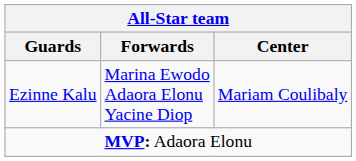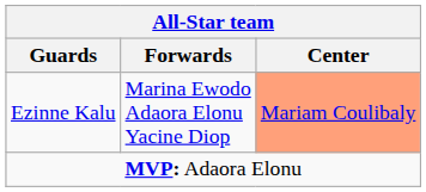 <table class=wikitable style="margin:auto">
 <tr>
 <th colspan=3 align=center><a href='#'>All-Star team</a></th>
 </tr>
 <tr>
 <th>Guards</th>
 <th>Forwards</th>
 <th>Center</th>
 </tr>
 <tr>
 <td> <a href='#'>Ezinne Kalu</a></td>
 <td> <a href='#'>Marina Ewodo</a><br> <a href='#'>Adaora Elonu</a><br> <a href='#'>Yacine Diop</a></td>
-<td> <a href='#'>Mariam Coulibaly</a></td>
+<td style="background: lightsalmon;"> <a href='#'>Mariam Coulibaly</a></td>
 </tr>
 <tr>
 <td colspan=3 align=center><strong><a href='#'>MVP</a>:</strong>  Adaora Elonu</td>
 </tr>
 </table>
